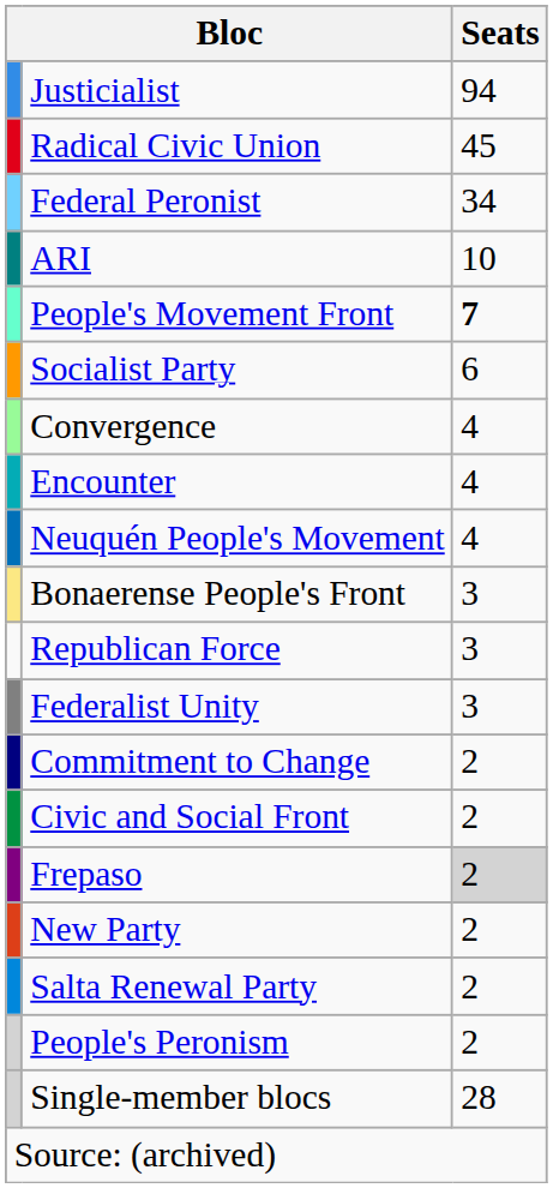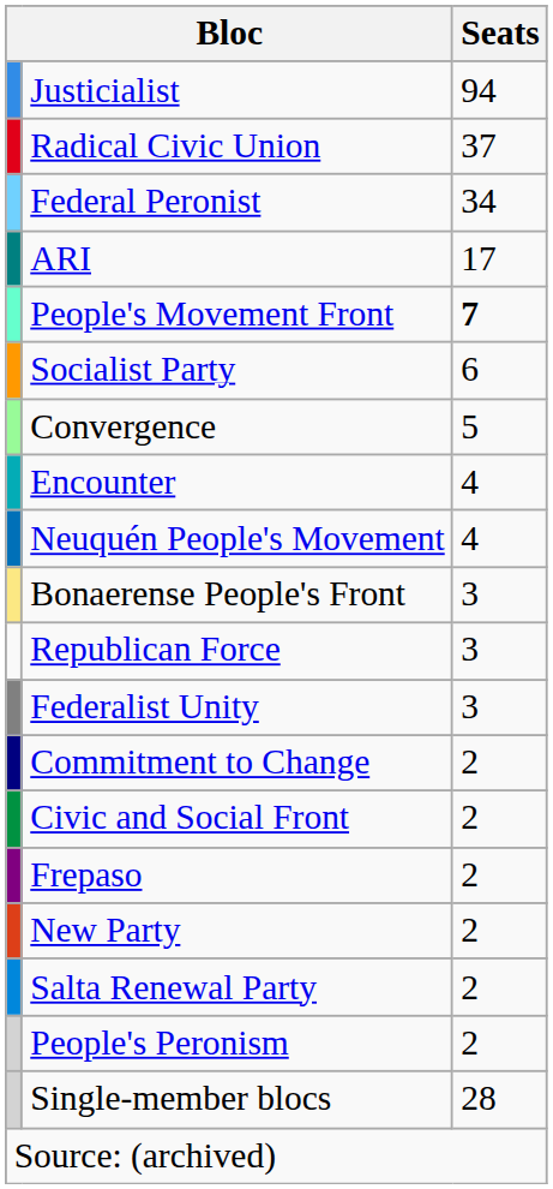 <table class="wikitable">
 <tr>
 <th colspan="2">Bloc</th>
 <th>Seats</th>
 </tr>
 <tr>
 <td bgcolor=#318CE7></td>
 <td><a href='#'>Justicialist</a></td>
 <td>94</td>
 </tr>
 <tr>
 <td bgcolor="#E10019"></td>
 <td><a href='#'>Radical Civic Union</a></td>
-<td>45</td>
+<td>37</td>
 </tr>
 <tr>
 <td bgcolor="#70d1fe"></td>
 <td><a href='#'>Federal Peronist</a></td>
 <td>34</td>
 </tr>
 <tr>
 <td bgcolor="#008080 "></td>
 <td><a href='#'>ARI</a></td>
-<td>10</td>
+<td>17</td>
 </tr>
 <tr>
 <td bgcolor="#66ffcd"></td>
 <td><a href='#'>People's Movement Front</a></td>
 <td><strong>7</strong></td>
 </tr>
 <tr>
 <td bgcolor="#FF9900"></td>
 <td><a href='#'>Socialist Party</a></td>
 <td>6</td>
 </tr>
 <tr>
 <td bgcolor=#98FB98></td>
 <td>Convergence</td>
-<td>4</td>
+<td>5</td>
 </tr>
 <tr>
 <td bgcolor=#03ACB6></td>
 <td><a href='#'>Encounter</a></td>
 <td>4</td>
 </tr>
 <tr>
 <td bgcolor="#0070b8"></td>
 <td><a href='#'>Neuquén People's Movement</a></td>
 <td>4</td>
 </tr>
 <tr>
 <td bgcolor=#FCE883></td>
 <td>Bonaerense People's Front</td>
 <td>3</td>
 </tr>
 <tr>
 <td bgcolor=></td>
 <td><a href='#'>Republican Force</a></td>
 <td>3</td>
 </tr>
 <tr>
 <td bgcolor="#808080"></td>
 <td><a href='#'>Federalist Unity</a></td>
 <td>3</td>
 </tr>
 <tr>
 <td bgcolor=#000080></td>
 <td><a href='#'>Commitment to Change</a></td>
 <td>2</td>
 </tr>
 <tr>
 <td bgcolor=#009241></td>
 <td><a href='#'>Civic and Social Front</a></td>
 <td>2</td>
 </tr>
 <tr>
 <td bgcolor=purple></td>
 <td><a href='#'>Frepaso</a></td>
-<td style="background: lightgrey;">2</td>
+<td>2</td>
 </tr>
 <tr>
 <td bgcolor="#dd3f18"></td>
 <td><a href='#'>New Party</a></td>
 <td>2</td>
 </tr>
 <tr>
 <td bgcolor=#0087DC></td>
 <td><a href='#'>Salta Renewal Party</a></td>
 <td>2</td>
 </tr>
 <tr>
 <td bgcolor="#D3D3D3 "></td>
 <td><a href='#'>People's Peronism</a></td>
 <td>2</td>
 </tr>
 <tr>
 <td bgcolor="#D3D3D3"></td>
 <td>Single-member blocs</td>
 <td>28</td>
 </tr>
 <tr>
 <td colspan=4>Source:  (archived)</td>
 </tr>
 </table>
